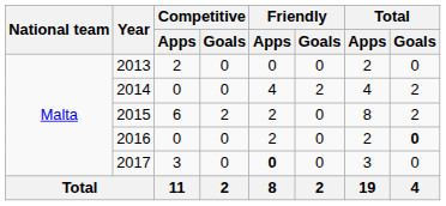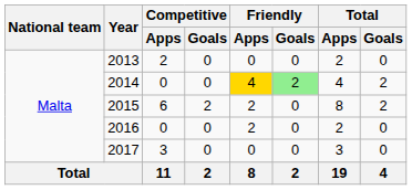 <table class="wikitable" style="text-align:center">
 <tr>
 <th rowspan="2">National team</th>
 <th rowspan="2">Year</th>
 <th colspan="2">Competitive</th>
 <th colspan="2">Friendly</th>
 <th colspan="2">Total</th>
 </tr>
 <tr>
 <th>Apps</th>
 <th>Goals</th>
 <th>Apps</th>
 <th>Goals</th>
 <th>Apps</th>
 <th>Goals</th>
 </tr>
 <tr>
 <td rowspan="5"><a href='#'>Malta</a></td>
 <td>2013</td>
 <td>2</td>
 <td>0</td>
 <td>0</td>
 <td>0</td>
 <td>2</td>
 <td>0</td>
 </tr>
 <tr>
 <td>2014</td>
 <td>0</td>
 <td>0</td>
-<td>4</td>
-<td>2</td>
+<td style="background: gold;">4</td>
+<td style="background: lightgreen;">2</td>
 <td>4</td>
 <td>2</td>
 </tr>
 <tr>
 <td>2015</td>
 <td>6</td>
 <td>2</td>
 <td>2</td>
 <td>0</td>
 <td>8</td>
 <td>2</td>
 </tr>
 <tr>
 <td>2016</td>
 <td>0</td>
 <td>0</td>
 <td>2</td>
 <td>0</td>
 <td>2</td>
-<td><strong>0</strong></td>
+<td>0</td>
 </tr>
 <tr>
 <td>2017</td>
 <td>3</td>
 <td>0</td>
-<td><strong>0</strong></td>
+<td>0</td>
 <td>0</td>
 <td>3</td>
 <td>0</td>
 </tr>
 <tr>
 <th colspan="2">Total</th>
 <th>11</th>
 <th>2</th>
 <th>8</th>
 <th>2</th>
 <th>19</th>
 <th>4</th>
 </tr>
 </table>
